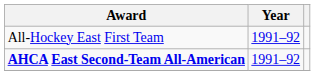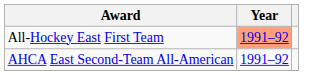 <table class="wikitable">
 <tr>
 <th>Award</th>
 <th>Year</th>
 <th></th>
 </tr>
 <tr>
 <td>All-<a href='#'>Hockey East</a> <a href='#'>First Team</a></td>
-<td><a href='#'>1991–92</a></td>
+<td style="background: lightsalmon;"><a href='#'>1991–92</a></td>
 <td></td>
 </tr>
 <tr>
-<td><strong><a href='#'>AHCA</a> <a href='#'>East Second-Team All-American</a></strong></td>
+<td><a href='#'>AHCA</a> <a href='#'>East Second-Team All-American</a></td>
 <td><a href='#'>1991–92</a></td>
 <td></td>
 </tr>
 <tr>
 </tr>
 </table>
